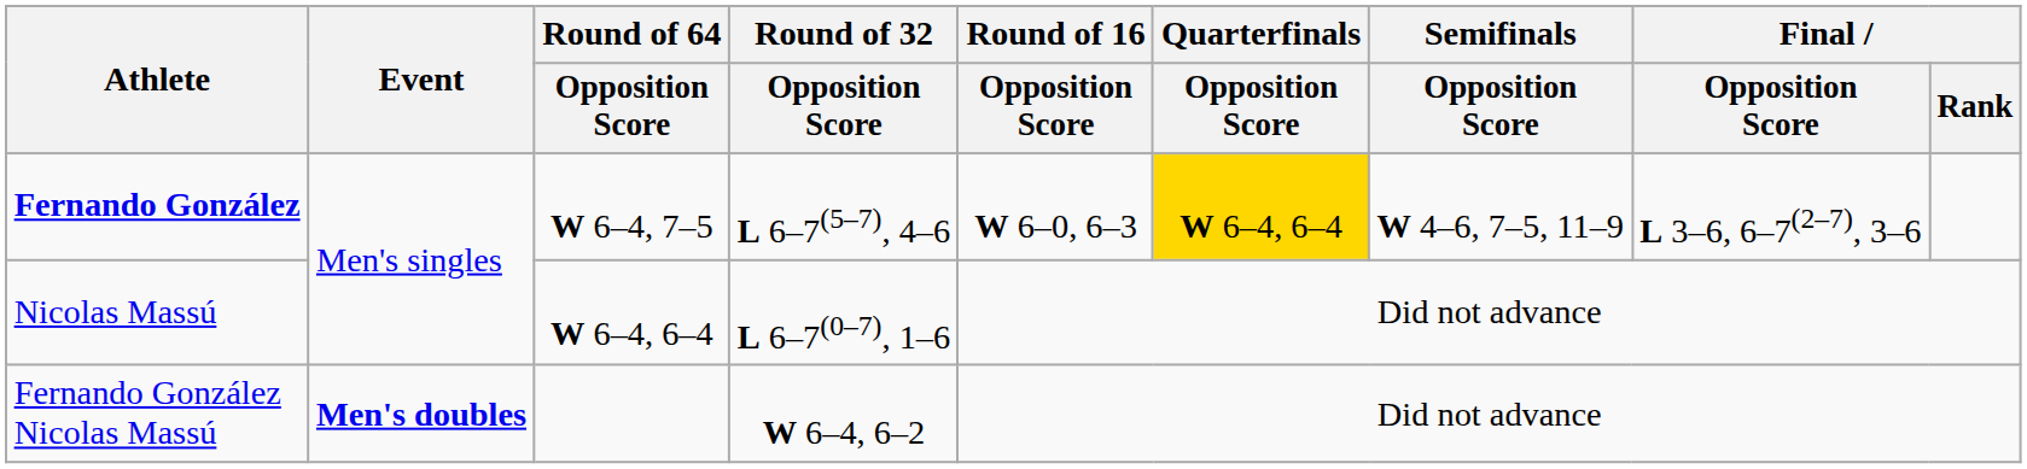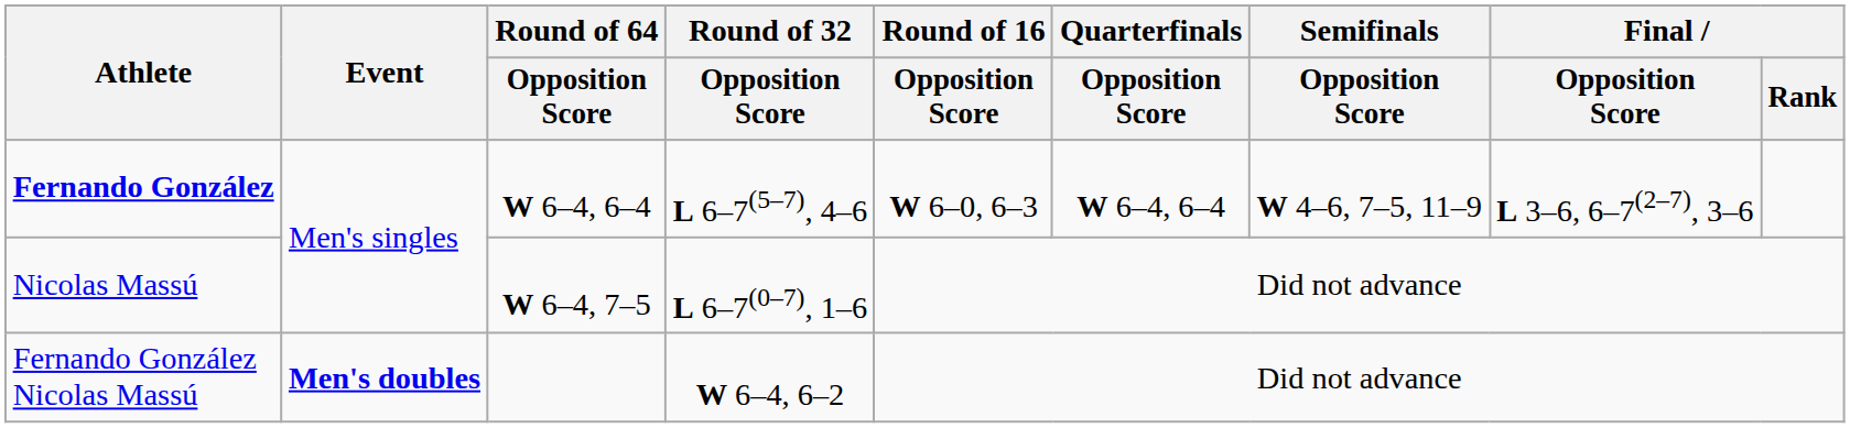 <table class=wikitable style="font-size:90%">
 <tr>
 <th rowspan="2">Athlete</th>
 <th rowspan="2">Event</th>
 <th>Round of 64</th>
 <th>Round of 32</th>
 <th>Round of 16</th>
 <th>Quarterfinals</th>
 <th>Semifinals</th>
 <th colspan=2>Final / </th>
 </tr>
 <tr style="font-size:95%">
 <th>Opposition<br>Score</th>
 <th>Opposition<br>Score</th>
 <th>Opposition<br>Score</th>
 <th>Opposition<br>Score</th>
 <th>Opposition<br>Score</th>
 <th>Opposition<br>Score</th>
 <th>Rank</th>
 </tr>
 <tr align=center>
 <td align=left><strong><a href='#'>Fernando González</a></strong></td>
 <td align=left rowspan=2><a href='#'>Men's singles</a></td>
-<td><br><strong>W</strong> 6–4, 7–5</td>
+<td><br><strong>W</strong> 6–4, 6–4</td>
 <td><br><strong>L</strong> 6–7<sup>(5–7)</sup>, 4–6</td>
 <td><br><strong>W</strong> 6–0, 6–3</td>
-<td style="background: gold;"><br><strong>W</strong> 6–4, 6–4</td>
+<td><br><strong>W</strong> 6–4, 6–4</td>
 <td><br><strong>W</strong> 4–6, 7–5, 11–9</td>
 <td><br><strong>L</strong> 3–6, 6–7<sup>(2–7)</sup>, 3–6</td>
 <td></td>
 </tr>
 <tr align=center>
 <td align=left><a href='#'>Nicolas Massú</a></td>
-<td><br><strong>W</strong> 6–4, 6–4</td>
+<td><br><strong>W</strong> 6–4, 7–5</td>
 <td><br><strong>L</strong> 6–7<sup>(0–7)</sup>, 1–6</td>
 <td colspan=5>Did not advance</td>
 </tr>
 <tr align=center>
 <td align=left><a href='#'>Fernando González</a> <br><a href='#'>Nicolas Massú</a></td>
 <td align=left><strong><a href='#'>Men's doubles</a></strong></td>
 <td></td>
 <td><br><strong>W</strong> 6–4, 6–2</td>
 <td colspan=5>Did not advance</td>
 </tr>
 </table>
